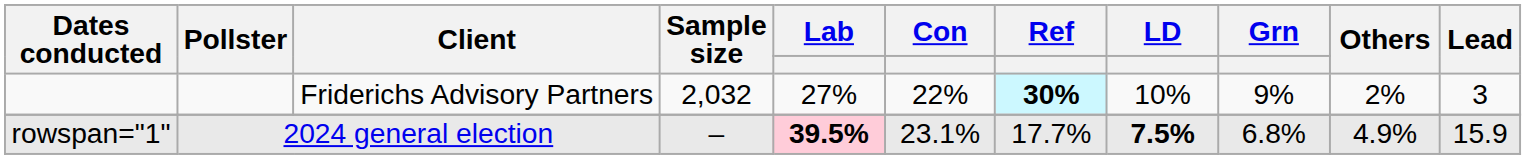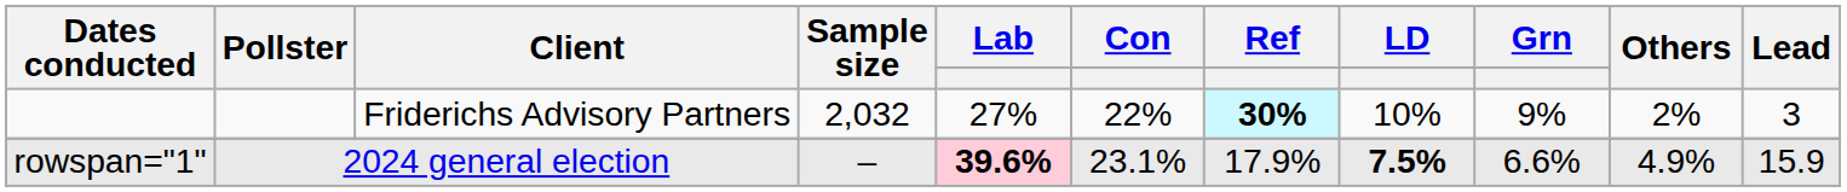 <table class="wikitable sortable mw-datatable" style="text-align:center; font-size:90%; line-height:14px;">
 <tr>
 <th rowspan="2">Dates<br>conducted</th>
 <th rowspan="2">Pollster</th>
 <th rowspan="2">Client</th>
 <th rowspan="2" data-sort-type="number">Sample <br>size</th>
 <th class="unsortable" style="width:50px;"><a href='#'>Lab</a></th>
 <th class="unsortable" style="width:50px;"><a href='#'>Con</a></th>
 <th class="unsortable" style="width:50px;"><a href='#'>Ref</a></th>
 <th class="unsortable" style="width:50px;"><a href='#'>LD</a></th>
 <th class="unsortable" style="width:50px;"><a href='#'>Grn</a></th>
 <th rowspan="2" class="unsortable" style="width:50px;">Others</th>
 <th rowspan="2" data-sort-type="number">Lead</th>
 </tr>
 <tr>
 <th data-sort-type="number" style="background:"></th>
 <th data-sort-type="number" style="background:"></th>
 <th data-sort-type="number" style="background:"></th>
 <th data-sort-type="number" style="background:"></th>
 <th data-sort-type="number" style="background:"></th>
 </tr>
 <tr>
 <td></td>
 <td colspan=1></td>
 <td>Friderichs Advisory Partners</td>
 <td>2,032</td>
 <td>27%</td>
 <td>22%</td>
 <td style="background:#ccf8ff; color:black;"><strong>30%</strong></td>
 <td>10%</td>
 <td>9%</td>
 <td>2%</td>
 <td style="background:">3</td>
 </tr>
 <tr>
 </tr>
 <tr style="background:#e9e9e9;">
 <td>rowspan="1" </td>
 <td colspan="2" rowspan="1"><a href='#'>2024 general election</a></td>
 <td>–</td>
-<td style="background:#ffccd9; color:black;"><strong>39.5%</strong></td>
+<td style="background:#ffccd9; color:black;"><strong>39.6%</strong></td>
 <td>23.1%</td>
-<td>17.7%</td>
+<td>17.9%</td>
 <td><strong>7.5%</strong></td>
-<td>6.8%</td>
+<td>6.6%</td>
 <td>4.9%</td>
 <td style="background:">15.9</td>
 </tr>
 </table>
